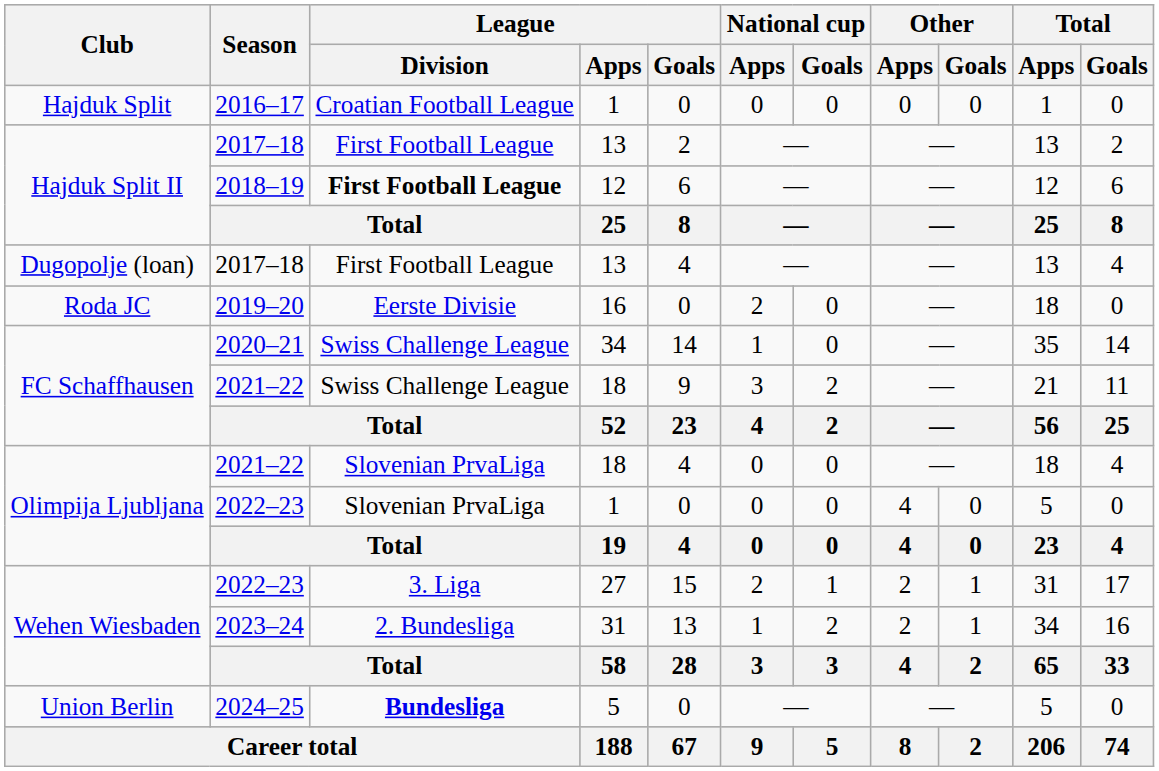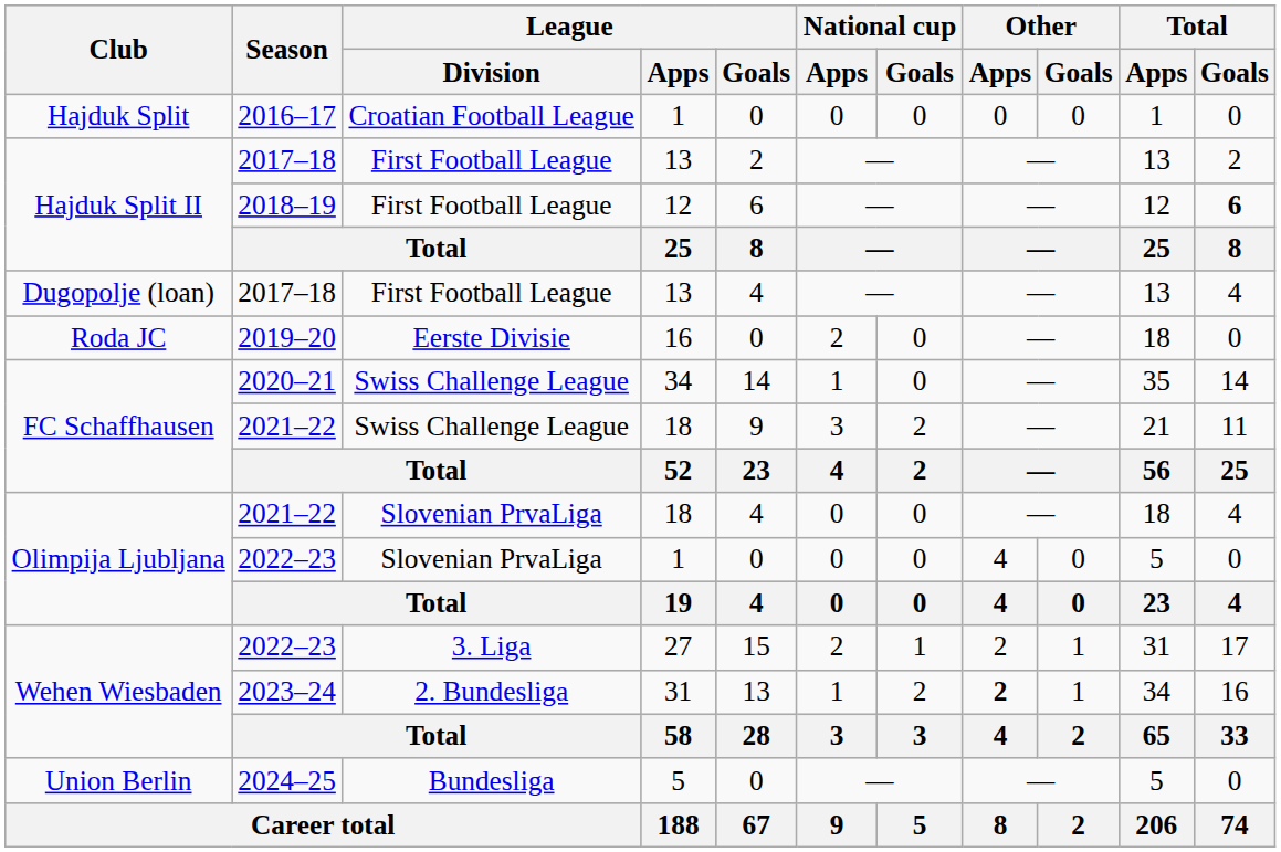 <table class="wikitable" style="text-align:center">
 <tr>
 <th rowspan="2">Club</th>
 <th rowspan="2">Season</th>
 <th colspan="3">League</th>
 <th colspan="2">National cup</th>
 <th colspan="2">Other</th>
 <th colspan="2">Total</th>
 </tr>
 <tr>
 <th>Division</th>
 <th>Apps</th>
 <th>Goals</th>
 <th>Apps</th>
 <th>Goals</th>
 <th>Apps</th>
 <th>Goals</th>
 <th>Apps</th>
 <th>Goals</th>
 </tr>
 <tr>
 <td><a href='#'>Hajduk Split</a></td>
 <td><a href='#'>2016–17</a></td>
 <td><a href='#'>Croatian Football League</a></td>
 <td>1</td>
 <td>0</td>
 <td>0</td>
 <td>0</td>
 <td>0</td>
 <td>0</td>
 <td>1</td>
 <td>0</td>
 </tr>
 <tr>
 <td rowspan="3"><a href='#'>Hajduk Split II</a></td>
 <td><a href='#'>2017–18</a></td>
 <td><a href='#'>First Football League</a></td>
 <td>13</td>
 <td>2</td>
 <td colspan="2">—</td>
 <td colspan="2">—</td>
 <td>13</td>
 <td>2</td>
 </tr>
 <tr>
 <td><a href='#'>2018–19</a></td>
-<td><strong>First Football League</strong></td>
+<td>First Football League</td>
 <td>12</td>
 <td>6</td>
 <td colspan="2">—</td>
 <td colspan="2">—</td>
 <td>12</td>
-<td>6</td>
+<td><strong>6</strong></td>
 </tr>
 <tr>
 <th colspan="2">Total</th>
 <th>25</th>
 <th>8</th>
 <th colspan="2">—</th>
 <th colspan="2">—</th>
 <th>25</th>
 <th>8</th>
 </tr>
 <tr>
 <td><a href='#'>Dugopolje</a> (loan)</td>
 <td>2017–18</td>
 <td>First Football League</td>
 <td>13</td>
 <td>4</td>
 <td colspan="2">—</td>
 <td colspan="2">—</td>
 <td>13</td>
 <td>4</td>
 </tr>
 <tr>
 <td><a href='#'>Roda JC</a></td>
 <td><a href='#'>2019–20</a></td>
 <td><a href='#'>Eerste Divisie</a></td>
 <td>16</td>
 <td>0</td>
 <td>2</td>
 <td>0</td>
 <td colspan="2">—</td>
 <td>18</td>
 <td>0</td>
 </tr>
 <tr>
 <td rowspan="3"><a href='#'>FC Schaffhausen</a></td>
 <td><a href='#'>2020–21</a></td>
 <td><a href='#'>Swiss Challenge League</a></td>
 <td>34</td>
 <td>14</td>
 <td>1</td>
 <td>0</td>
 <td colspan="2">—</td>
 <td>35</td>
 <td>14</td>
 </tr>
 <tr>
 <td><a href='#'>2021–22</a></td>
 <td>Swiss Challenge League</td>
 <td>18</td>
 <td>9</td>
 <td>3</td>
 <td>2</td>
 <td colspan="2">—</td>
 <td>21</td>
 <td>11</td>
 </tr>
 <tr>
 <th colspan="2">Total</th>
 <th>52</th>
 <th>23</th>
 <th>4</th>
 <th>2</th>
 <th colspan="2">—</th>
 <th>56</th>
 <th>25</th>
 </tr>
 <tr>
 <td rowspan="3"><a href='#'>Olimpija Ljubljana</a></td>
 <td><a href='#'>2021–22</a></td>
 <td><a href='#'>Slovenian PrvaLiga</a></td>
 <td>18</td>
 <td>4</td>
 <td>0</td>
 <td>0</td>
 <td colspan="2">—</td>
 <td>18</td>
 <td>4</td>
 </tr>
 <tr>
 <td><a href='#'>2022–23</a></td>
 <td>Slovenian PrvaLiga</td>
 <td>1</td>
 <td>0</td>
 <td>0</td>
 <td>0</td>
 <td>4</td>
 <td>0</td>
 <td>5</td>
 <td>0</td>
 </tr>
 <tr>
 <th colspan="2">Total</th>
 <th>19</th>
 <th>4</th>
 <th>0</th>
 <th>0</th>
 <th>4</th>
 <th>0</th>
 <th>23</th>
 <th>4</th>
 </tr>
 <tr>
 <td rowspan="3"><a href='#'>Wehen Wiesbaden</a></td>
 <td><a href='#'>2022–23</a></td>
 <td><a href='#'>3. Liga</a></td>
 <td>27</td>
 <td>15</td>
 <td>2</td>
 <td>1</td>
 <td>2</td>
 <td>1</td>
 <td>31</td>
 <td>17</td>
 </tr>
 <tr>
 <td><a href='#'>2023–24</a></td>
 <td><a href='#'>2. Bundesliga</a></td>
 <td>31</td>
 <td>13</td>
 <td>1</td>
 <td>2</td>
-<td>2</td>
+<td><strong>2</strong></td>
 <td>1</td>
 <td>34</td>
 <td>16</td>
 </tr>
 <tr>
 <th colspan="2">Total</th>
 <th>58</th>
 <th>28</th>
 <th>3</th>
 <th>3</th>
 <th>4</th>
 <th>2</th>
 <th>65</th>
 <th>33</th>
 </tr>
 <tr>
 <td><a href='#'>Union Berlin</a></td>
 <td><a href='#'>2024–25</a></td>
-<td><strong><a href='#'>Bundesliga</a></strong></td>
+<td><a href='#'>Bundesliga</a></td>
 <td>5</td>
 <td>0</td>
 <td colspan="2">—</td>
 <td colspan="2">—</td>
 <td>5</td>
 <td>0</td>
 </tr>
 <tr>
 <th colspan="3">Career total</th>
 <th>188</th>
 <th>67</th>
 <th>9</th>
 <th>5</th>
 <th>8</th>
 <th>2</th>
 <th>206</th>
 <th>74</th>
 </tr>
 </table>
